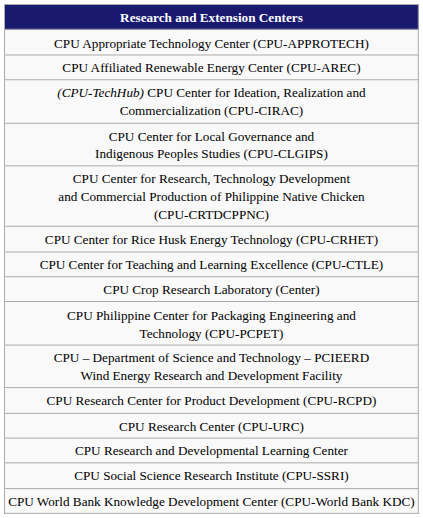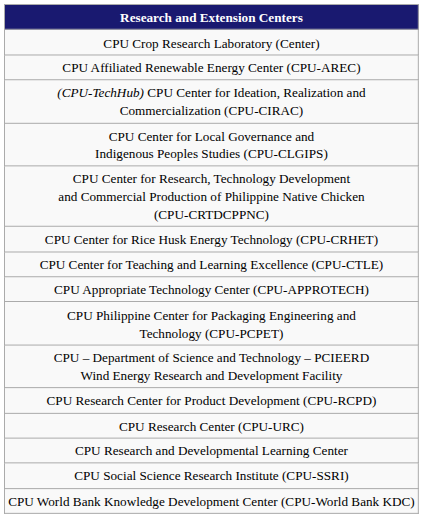 <table class="wikitable floatright" style="text-align:center;">
 <tr>
 <th style="color:white; background:#191970;"><small>Research and Extension Centers</small></th>
 </tr>
 <tr>
-<td><small>CPU Appropriate Technology Center (CPU-APPROTECH)</small></td>
+<td><small>CPU Crop Research Laboratory (Center)</small></td>
 </tr>
 <tr>
 <td><small>CPU Affiliated Renewable Energy Center (CPU-AREC)</small></td>
 </tr>
 <tr>
 <td><small><em>(CPU-TechHub)</em> CPU Center for Ideation, Realization and <br> Commercialization (CPU-CIRAC)</small></td>
 </tr>
 <tr>
 <td><small>CPU Center for Local Governance and <br> Indigenous Peoples Studies (CPU-CLGIPS)</small></td>
 </tr>
 <tr>
 <td><small>CPU Center for Research, Technology Development <br> and Commercial Production of Philippine Native Chicken <br> (CPU-CRTDCPPNC)</small></td>
 </tr>
 <tr>
 <td><small>CPU Center for Rice Husk Energy Technology (CPU-CRHET)</small></td>
 </tr>
 <tr>
 <td><small>CPU Center for Teaching and Learning Excellence (CPU-CTLE)</small></td>
 </tr>
 <tr>
-<td><small>CPU Crop Research Laboratory (Center)</small></td>
+<td><small>CPU Appropriate Technology Center (CPU-APPROTECH)</small></td>
 </tr>
 <tr>
 <td><small>CPU Philippine Center for Packaging Engineering and <br> Technology (CPU-PCPET)</small></td>
 </tr>
 <tr>
 <td><small>CPU – Department of Science and Technology – PCIEERD <br> Wind Energy Research and Development Facility</small></td>
 </tr>
 <tr>
 <td><small>CPU Research Center for Product Development (CPU-RCPD)</small></td>
 </tr>
 <tr>
 <td><small>CPU Research Center (CPU-URC)</small></td>
 </tr>
 <tr>
 <td><small>CPU Research and Developmental Learning Center</small></td>
 </tr>
 <tr>
 <td><small>CPU Social Science Research Institute (CPU-SSRI)</small></td>
 </tr>
 <tr>
 <td><small>CPU World Bank Knowledge Development Center (CPU-World Bank KDC)</small></td>
 </tr>
 </table>
